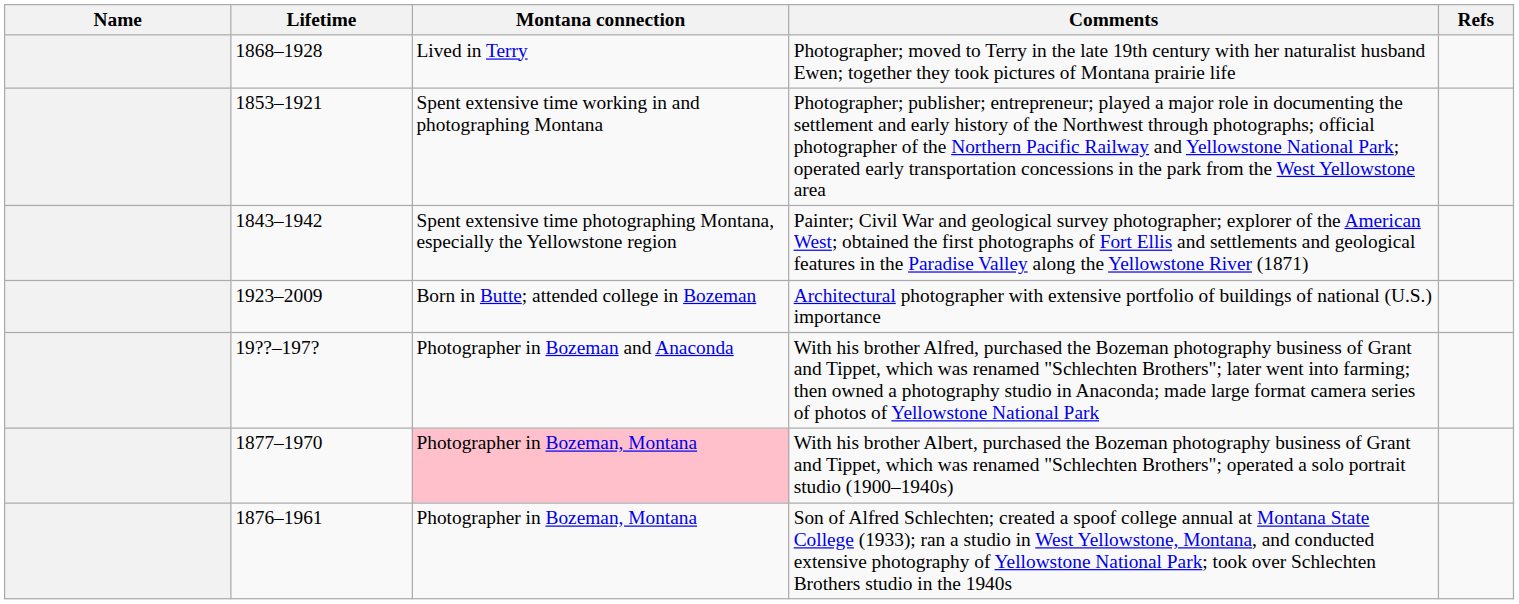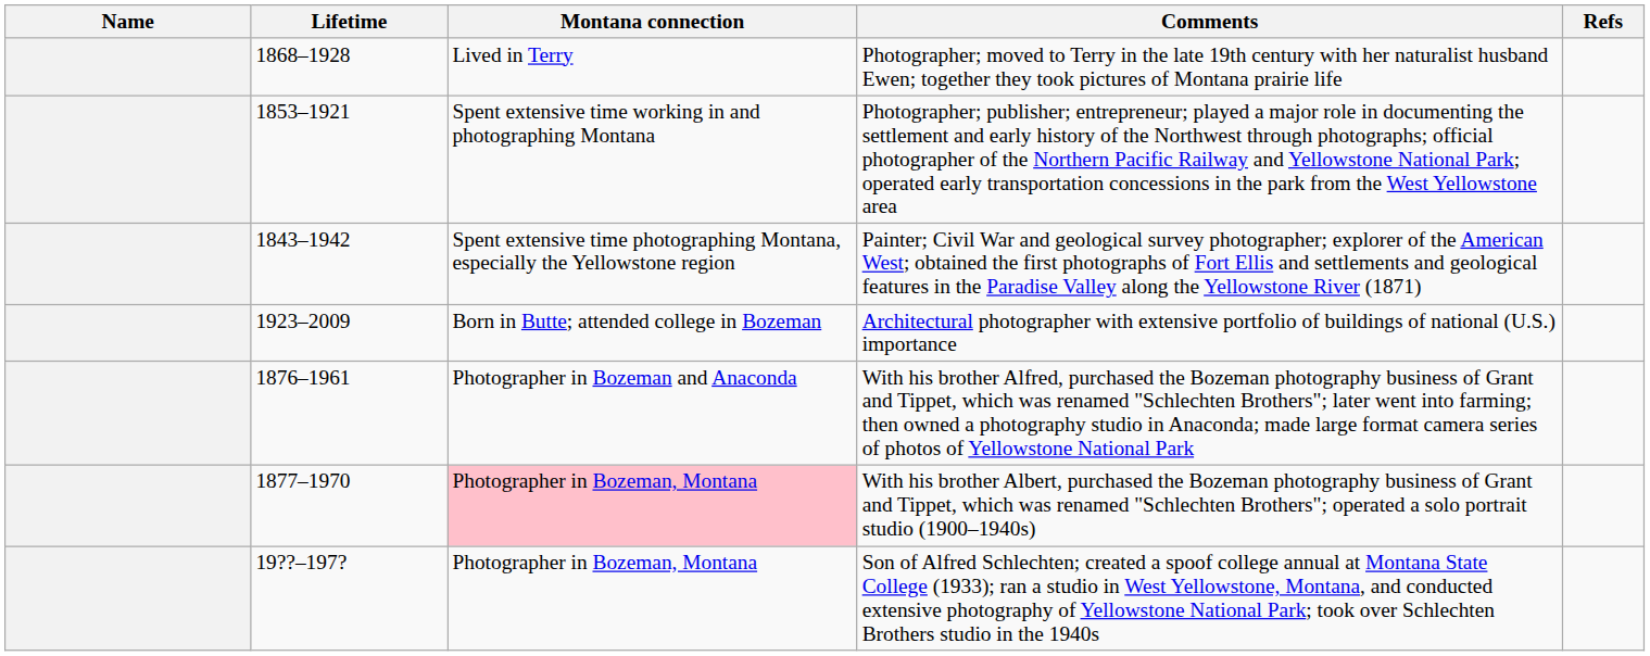 <table class="sortable wikitable plainrowheaders">
 <tr>
 <th style="width:15%;" scope="col">Name</th>
 <th style="width:12%;" scope="col">Lifetime</th>
 <th class="unsortable" style="width:25%;" scope="col">Montana connection</th>
 <th class="unsortable" style="width:43%;" scope="col">Comments</th>
 <th class="unsortable" style="width:5%;" scope="col">Refs</th>
 </tr>
 <tr valign="top">
 <th scope="row"></th>
 <td>1868–1928</td>
 <td>Lived in <a href='#'>Terry</a></td>
 <td>Photographer; moved to Terry in the late 19th century with her naturalist husband Ewen; together they took pictures of Montana prairie life</td>
 <td align="center"></td>
 </tr>
 <tr valign="top">
 <th scope="row"></th>
 <td>1853–1921</td>
 <td>Spent extensive time working in and photographing Montana</td>
 <td>Photographer; publisher; entrepreneur; played a major role in documenting the settlement and early history of the Northwest through photographs; official photographer of the <a href='#'>Northern Pacific Railway</a> and <a href='#'>Yellowstone National Park</a>; operated early transportation concessions in the park from the <a href='#'>West Yellowstone</a> area</td>
 <td style="text-align:center;"></td>
 </tr>
 <tr valign="top">
 <th scope="row"></th>
 <td>1843–1942</td>
 <td>Spent extensive time photographing Montana, especially the Yellowstone region</td>
 <td>Painter; Civil War and geological survey photographer; explorer of the <a href='#'>American West</a>; obtained the first photographs of <a href='#'>Fort Ellis</a> and settlements and geological features in the <a href='#'>Paradise Valley</a> along the <a href='#'>Yellowstone River</a> (1871)</td>
 <td style="text-align:center;"></td>
 </tr>
 <tr valign="top">
 <th scope="row"></th>
 <td>1923–2009</td>
 <td>Born in <a href='#'>Butte</a>; attended college in <a href='#'>Bozeman</a></td>
 <td><a href='#'>Architectural</a> photographer with extensive portfolio of buildings of national (U.S.) importance</td>
 <td style="text-align:center;"></td>
 </tr>
 <tr valign="top">
 <th scope="row"></th>
-<td>19??–197?</td>
+<td>1876–1961</td>
 <td>Photographer in <a href='#'>Bozeman</a> and <a href='#'>Anaconda</a></td>
 <td>With his brother Alfred, purchased the Bozeman photography business of Grant and Tippet, which was renamed "Schlechten Brothers"; later went into farming; then owned a photography studio in Anaconda; made large format camera series of photos of <a href='#'>Yellowstone National Park</a></td>
 <td style="text-align:center;"></td>
 </tr>
 <tr valign="top">
 <th scope="row"></th>
 <td>1877–1970</td>
 <td style="background: pink;">Photographer in <a href='#'>Bozeman, Montana</a></td>
 <td>With his brother Albert, purchased the Bozeman photography business of Grant and Tippet, which was renamed "Schlechten Brothers"; operated a solo portrait studio (1900–1940s)</td>
 <td style="text-align:center;"></td>
 </tr>
 <tr valign="top">
 <th scope="row"></th>
-<td>1876–1961</td>
+<td>19??–197?</td>
 <td>Photographer in <a href='#'>Bozeman, Montana</a></td>
 <td>Son of Alfred Schlechten; created a spoof college annual at <a href='#'>Montana State College</a> (1933); ran a studio in <a href='#'>West Yellowstone, Montana</a>, and conducted extensive photography of <a href='#'>Yellowstone National Park</a>; took over Schlechten Brothers studio in the 1940s</td>
 <td style="text-align:center;"></td>
 </tr>
 </table>
